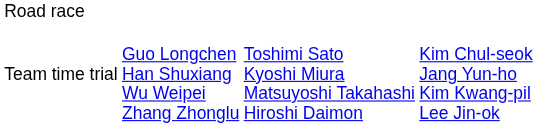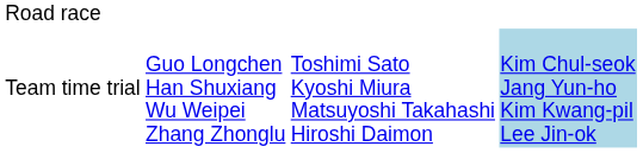 <table>
 <tr>
 <td>Road race</td>
 <td></td>
 <td></td>
 <td></td>
 </tr>
 <tr>
 <td>Team time trial</td>
 <td><br><a href='#'>Guo Longchen</a><br><a href='#'>Han Shuxiang</a><br><a href='#'>Wu Weipei</a><br><a href='#'>Zhang Zhonglu</a></td>
 <td><br><a href='#'>Toshimi Sato</a><br><a href='#'>Kyoshi Miura</a><br><a href='#'>Matsuyoshi Takahashi</a><br><a href='#'>Hiroshi Daimon</a></td>
-<td><br><a href='#'>Kim Chul-seok</a><br><a href='#'>Jang Yun-ho</a><br><a href='#'>Kim Kwang-pil</a><br><a href='#'>Lee Jin-ok</a></td>
+<td style="background: lightblue;"><br><a href='#'>Kim Chul-seok</a><br><a href='#'>Jang Yun-ho</a><br><a href='#'>Kim Kwang-pil</a><br><a href='#'>Lee Jin-ok</a></td>
 </tr>
 </table>
